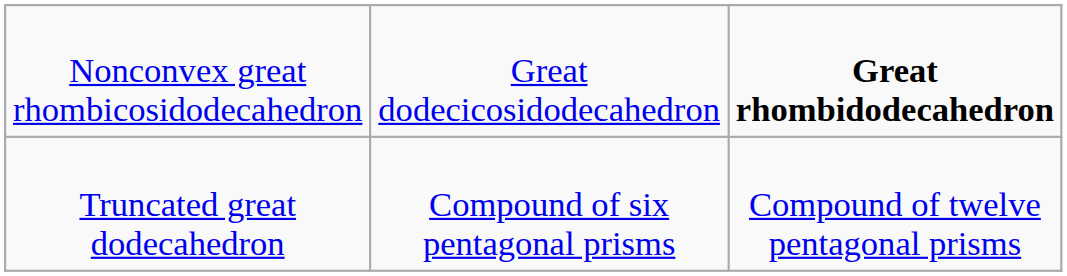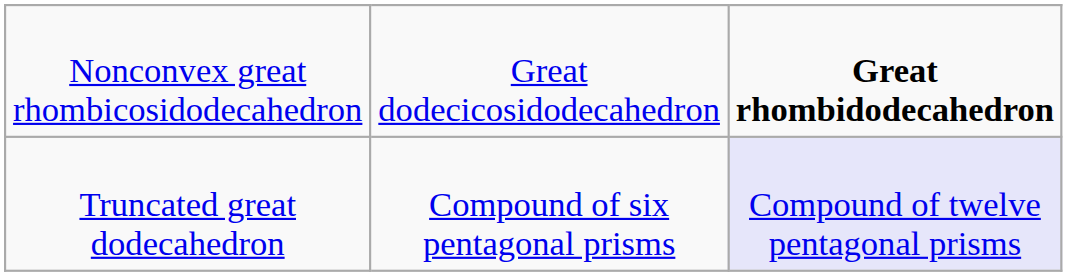 <table class="wikitable" width="400" style="vertical-align:top;text-align:center">
 <tr>
 <td><br><a href='#'>Nonconvex great rhombicosidodecahedron</a></td>
 <td><br><a href='#'>Great dodecicosidodecahedron</a></td>
 <td><br><strong>Great rhombidodecahedron</strong></td>
 </tr>
 <tr>
 <td><br><a href='#'>Truncated great dodecahedron</a></td>
 <td><br><a href='#'>Compound of six pentagonal prisms</a></td>
-<td><br><a href='#'>Compound of twelve pentagonal prisms</a></td>
+<td style="background: lavender;"><br><a href='#'>Compound of twelve pentagonal prisms</a></td>
 </tr>
 </table>
